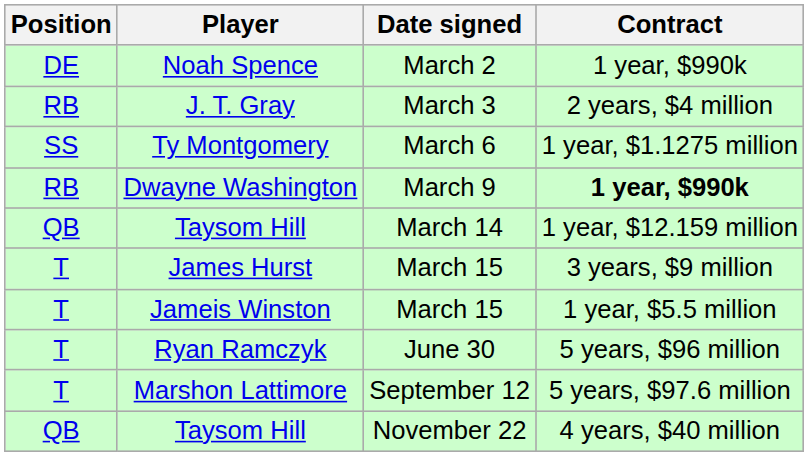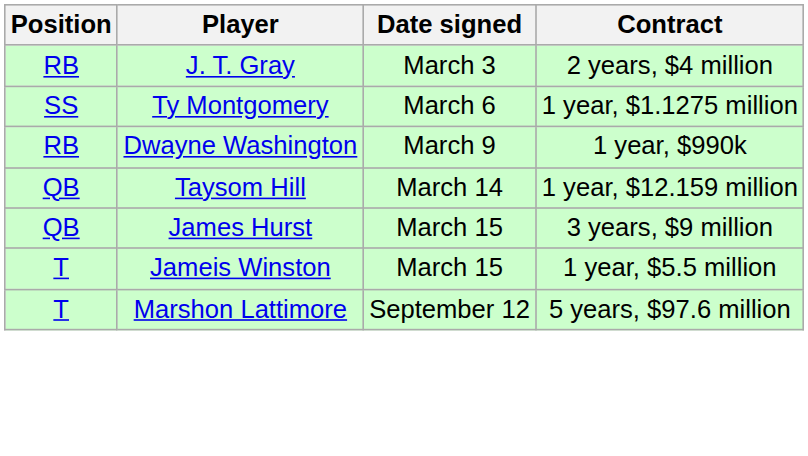 <table class="wikitable" style="text-align:center">
 <tr>
 <th>Position</th>
 <th>Player</th>
 <th>Date signed</th>
 <th>Contract</th>
-</tr>
-<tr style="background:#cfc">
-<td><a href='#'>DE</a></td>
-<td><a href='#'>Noah Spence</a></td>
-<td>March 2</td>
-<td>1 year, $990k</td>
 </tr>
 <tr style="background:#cfc">
 <td><a href='#'>RB</a></td>
 <td><a href='#'>J. T. Gray</a></td>
 <td>March 3</td>
 <td>2 years, $4 million</td>
 </tr>
 <tr style="background:#cfc">
 <td><a href='#'>SS</a></td>
 <td><a href='#'>Ty Montgomery</a></td>
 <td>March 6</td>
 <td>1 year, $1.1275 million</td>
 </tr>
 <tr style="background:#cfc">
 <td><a href='#'>RB</a></td>
 <td><a href='#'>Dwayne Washington</a></td>
 <td>March 9</td>
-<td><strong>1 year, $990k</strong></td>
+<td>1 year, $990k</td>
 </tr>
 <tr style="background:#cfc">
 <td><a href='#'>QB</a></td>
 <td><a href='#'>Taysom Hill</a></td>
 <td>March 14</td>
 <td>1 year, $12.159 million</td>
 </tr>
 <tr style="background:#cfc">
-<td><a href='#'>T</a></td>
+<td><a href='#'>QB</a></td>
 <td><a href='#'>James Hurst</a></td>
 <td>March 15</td>
 <td>3 years, $9 million</td>
 </tr>
 <tr style="background:#cfc">
 <td><a href='#'>T</a></td>
 <td><a href='#'>Jameis Winston</a></td>
 <td>March 15</td>
 <td>1 year, $5.5 million</td>
 </tr>
 <tr style="background:#cfc">
 <td><a href='#'>T</a></td>
-<td><a href='#'>Ryan Ramczyk</a></td>
-<td>June 30</td>
-<td>5 years, $96 million</td>
-</tr>
-<tr style="background:#cfc">
-<td><a href='#'>T</a></td>
 <td><a href='#'>Marshon Lattimore</a></td>
 <td>September 12</td>
 <td>5 years, $97.6 million</td>
 </tr>
-<tr style="background:#cfc">
-<td><a href='#'>QB</a></td>
-<td><a href='#'>Taysom Hill</a></td>
-<td>November 22</td>
-<td>4 years, $40 million</td>
-</tr>
 </table>
